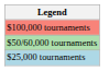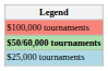 <table class="wikitable" style="font-size:85%">
 <tr>
 <th>Legend</th>
 </tr>
 <tr style="background:#f88379;">
 <td>$100,000 tournaments</td>
 </tr>
 <tr style="background:#addfad;">
-<td>$50/60,000 tournaments</td>
+<td><strong>$50/60,000 tournaments</strong></td>
 </tr>
 <tr style="background:lightblue;">
 <td>$25,000 tournaments</td>
 </tr>
 </table>
